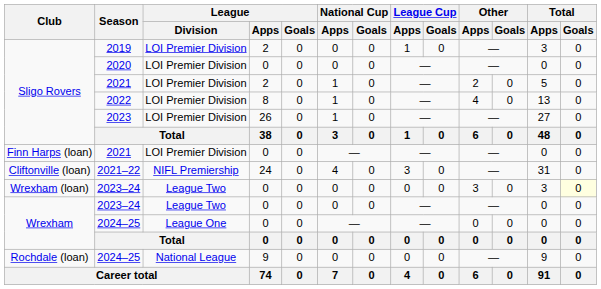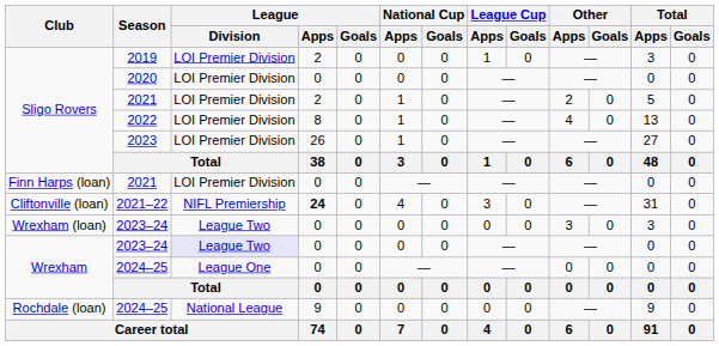 <table class=wikitable style="text-align: center">
 <tr>
 <th rowspan=2>Club</th>
 <th rowspan=2>Season</th>
 <th colspan=3>League</th>
 <th colspan=2>National Cup</th>
 <th colspan=2><a href='#'>League Cup</a></th>
 <th colspan=2>Other</th>
 <th colspan=2>Total</th>
 </tr>
 <tr>
 <th>Division</th>
 <th>Apps</th>
 <th>Goals</th>
 <th>Apps</th>
 <th>Goals</th>
 <th>Apps</th>
 <th>Goals</th>
 <th>Apps</th>
 <th>Goals</th>
 <th>Apps</th>
 <th>Goals</th>
 </tr>
 <tr>
 <td rowspan="6"><a href='#'>Sligo Rovers</a></td>
 <td><a href='#'>2019</a></td>
 <td><a href='#'>LOI Premier Division</a></td>
 <td>2</td>
 <td>0</td>
 <td>0</td>
 <td>0</td>
 <td>1</td>
 <td>0</td>
 <td colspan="2">—</td>
 <td>3</td>
 <td>0</td>
 </tr>
 <tr>
 <td><a href='#'>2020</a></td>
 <td>LOI Premier Division</td>
 <td>0</td>
 <td>0</td>
 <td>0</td>
 <td>0</td>
 <td colspan="2">—</td>
 <td colspan="2">—</td>
 <td>0</td>
 <td>0</td>
 </tr>
 <tr>
 <td><a href='#'>2021</a></td>
 <td>LOI Premier Division</td>
 <td>2</td>
 <td>0</td>
 <td>1</td>
 <td>0</td>
 <td colspan="2">—</td>
 <td>2</td>
 <td>0</td>
 <td>5</td>
 <td>0</td>
 </tr>
 <tr>
 <td><a href='#'>2022</a></td>
 <td>LOI Premier Division</td>
 <td>8</td>
 <td>0</td>
 <td>1</td>
 <td>0</td>
 <td colspan="2">—</td>
 <td>4</td>
 <td>0</td>
 <td>13</td>
 <td>0</td>
 </tr>
 <tr>
 <td><a href='#'>2023</a></td>
 <td>LOI Premier Division</td>
 <td>26</td>
 <td>0</td>
 <td>1</td>
 <td>0</td>
 <td colspan="2">—</td>
 <td colspan="2">—</td>
 <td>27</td>
 <td>0</td>
 </tr>
 <tr>
 <th colspan="2">Total</th>
 <th>38</th>
 <th>0</th>
 <th>3</th>
 <th>0</th>
 <th>1</th>
 <th>0</th>
 <th>6</th>
 <th>0</th>
 <th>48</th>
 <th>0</th>
 </tr>
 <tr>
 <td><a href='#'>Finn Harps</a> (loan)</td>
 <td><a href='#'>2021</a></td>
 <td>LOI Premier Division</td>
 <td>0</td>
 <td>0</td>
 <td colspan="2">—</td>
 <td colspan="2">—</td>
 <td colspan="2">—</td>
 <td>0</td>
 <td>0</td>
 </tr>
 <tr>
 <td><a href='#'>Cliftonville</a> (loan)</td>
 <td><a href='#'>2021–22</a></td>
 <td><a href='#'>NIFL Premiership</a></td>
-<td>24</td>
+<td><strong>24</strong></td>
 <td>0</td>
 <td>4</td>
 <td>0</td>
 <td>3</td>
 <td>0</td>
 <td colspan="2">—</td>
 <td>31</td>
 <td>0</td>
 </tr>
 <tr>
 <td><a href='#'>Wrexham</a> (loan)</td>
 <td><a href='#'>2023–24</a></td>
 <td><a href='#'>League Two</a></td>
 <td>0</td>
 <td>0</td>
 <td>0</td>
 <td>0</td>
 <td>0</td>
 <td>0</td>
 <td>3</td>
 <td>0</td>
 <td>3</td>
-<td style="background: lightyellow;">0</td>
+<td>0</td>
 </tr>
 <tr>
 <td rowspan="3"><a href='#'>Wrexham</a></td>
 <td><a href='#'>2023–24</a></td>
-<td><a href='#'>League Two</a></td>
+<td style="background: lavender;"><a href='#'>League Two</a></td>
 <td>0</td>
 <td>0</td>
 <td>0</td>
 <td>0</td>
 <td colspan="2">—</td>
 <td colspan="2">—</td>
 <td>0</td>
 <td>0</td>
 </tr>
 <tr>
 <td><a href='#'>2024–25</a></td>
 <td><a href='#'>League One</a></td>
 <td>0</td>
 <td>0</td>
 <td colspan="2">—</td>
 <td colspan="2">—</td>
 <td>0</td>
 <td>0</td>
 <td>0</td>
 <td>0</td>
 </tr>
 <tr>
 <th colspan="2">Total</th>
 <th>0</th>
 <th>0</th>
 <th>0</th>
 <th>0</th>
 <th>0</th>
 <th>0</th>
 <th>0</th>
 <th>0</th>
 <th>0</th>
 <th>0</th>
 </tr>
 <tr>
 <td><a href='#'>Rochdale</a> (loan)</td>
 <td><a href='#'>2024–25</a></td>
 <td><a href='#'>National League</a></td>
 <td>9</td>
 <td>0</td>
 <td>0</td>
 <td>0</td>
 <td>0</td>
 <td>0</td>
 <td colspan="2">—</td>
 <td>9</td>
 <td>0</td>
 </tr>
 <tr>
 <th colspan="3">Career total</th>
 <th>74</th>
 <th>0</th>
 <th>7</th>
 <th>0</th>
 <th>4</th>
 <th>0</th>
 <th>6</th>
 <th>0</th>
 <th>91</th>
 <th>0</th>
 </tr>
 </table>
